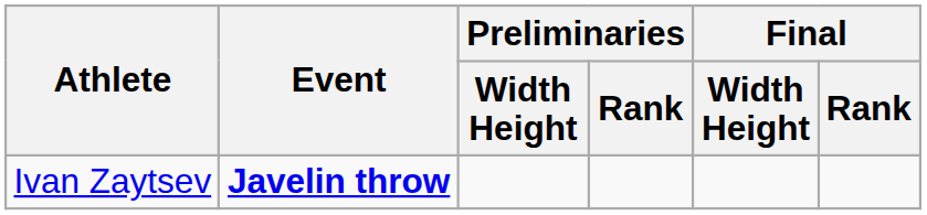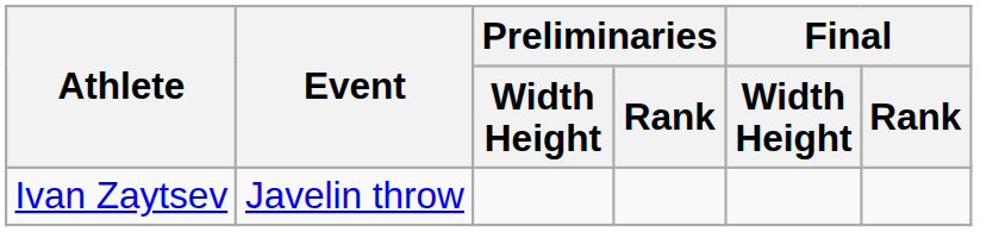 <table class=wikitable style="font-size:90%;">
 <tr>
 <th rowspan="2">Athlete</th>
 <th rowspan="2">Event</th>
 <th colspan="2">Preliminaries</th>
 <th colspan="2">Final</th>
 </tr>
 <tr>
 <th>Width<br>Height</th>
 <th>Rank</th>
 <th>Width<br>Height</th>
 <th>Rank</th>
 </tr>
 <tr style="border-top: single;">
 <td><a href='#'>Ivan Zaytsev</a></td>
-<td><strong><a href='#'>Javelin throw</a></strong></td>
+<td><a href='#'>Javelin throw</a></td>
 <td align=center></td>
 <td align=center></td>
 <td align=center></td>
 <td align=center></td>
 </tr>
 </table>
